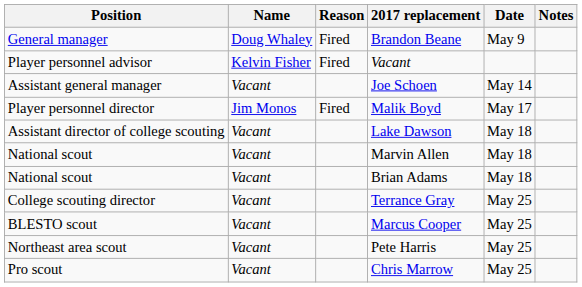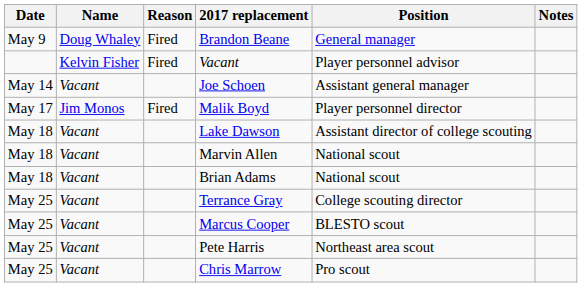 <table class="wikitable">
 <tr>
-<th>Position</th>
+<th>Date</th>
 <th>Name</th>
 <th>Reason</th>
 <th>2017 replacement</th>
-<th>Date</th>
+<th>Position</th>
 <th>Notes</th>
 </tr>
 <tr>
-<td><a href='#'>General manager</a></td>
+<td>May 9</td>
 <td><a href='#'>Doug Whaley</a></td>
 <td>Fired</td>
 <td><a href='#'>Brandon Beane</a></td>
-<td>May 9</td>
+<td><a href='#'>General manager</a></td>
 <td></td>
 </tr>
 <tr>
-<td>Player personnel advisor</td>
+<td></td>
 <td><a href='#'>Kelvin Fisher</a></td>
 <td>Fired</td>
 <td><em>Vacant</em></td>
-<td></td>
+<td>Player personnel advisor</td>
 <td></td>
 </tr>
 <tr>
-<td>Assistant general manager</td>
+<td>May 14</td>
 <td><em>Vacant</em></td>
 <td></td>
 <td><a href='#'>Joe Schoen</a></td>
-<td>May 14</td>
+<td>Assistant general manager</td>
 <td></td>
 </tr>
 <tr>
-<td>Player personnel director</td>
+<td>May 17</td>
 <td><a href='#'>Jim Monos</a></td>
 <td>Fired</td>
 <td><a href='#'>Malik Boyd</a></td>
-<td>May 17</td>
+<td>Player personnel director</td>
 <td></td>
 </tr>
 <tr>
-<td>Assistant director of college scouting</td>
+<td>May 18</td>
 <td><em>Vacant</em></td>
 <td></td>
 <td><a href='#'>Lake Dawson</a></td>
-<td>May 18</td>
+<td>Assistant director of college scouting</td>
 <td></td>
 </tr>
 <tr>
-<td>National scout</td>
+<td>May 18</td>
 <td><em>Vacant</em></td>
 <td></td>
 <td>Marvin Allen</td>
-<td>May 18</td>
+<td>National scout</td>
 <td></td>
 </tr>
 <tr>
-<td>National scout</td>
+<td>May 18</td>
 <td><em>Vacant</em></td>
 <td></td>
 <td>Brian Adams</td>
-<td>May 18</td>
+<td>National scout</td>
 <td></td>
 </tr>
 <tr>
-<td>College scouting director</td>
+<td>May 25</td>
 <td><em>Vacant</em></td>
 <td></td>
 <td><a href='#'>Terrance Gray</a></td>
-<td>May 25</td>
+<td>College scouting director</td>
 <td></td>
 </tr>
 <tr>
-<td>BLESTO scout</td>
+<td>May 25</td>
 <td><em>Vacant</em></td>
 <td></td>
 <td><a href='#'>Marcus Cooper</a></td>
-<td>May 25</td>
+<td>BLESTO scout</td>
 <td></td>
 </tr>
 <tr>
-<td>Northeast area scout</td>
+<td>May 25</td>
 <td><em>Vacant</em></td>
 <td></td>
 <td>Pete Harris</td>
-<td>May 25</td>
+<td>Northeast area scout</td>
 <td></td>
 </tr>
 <tr>
-<td>Pro scout</td>
+<td>May 25</td>
 <td><em>Vacant</em></td>
 <td></td>
 <td><a href='#'>Chris Marrow</a></td>
-<td>May 25</td>
+<td>Pro scout</td>
 <td></td>
 </tr>
 </table>
